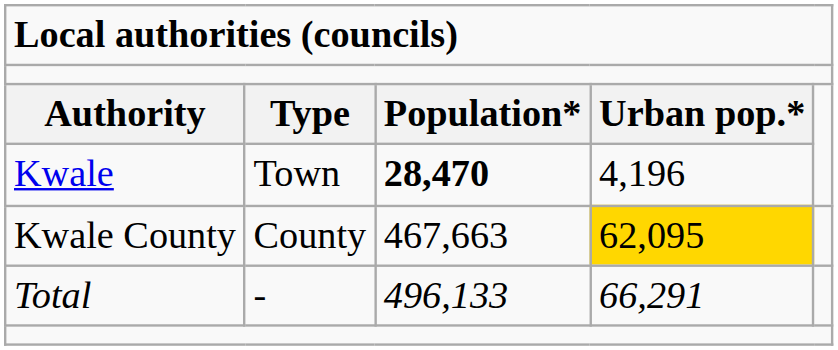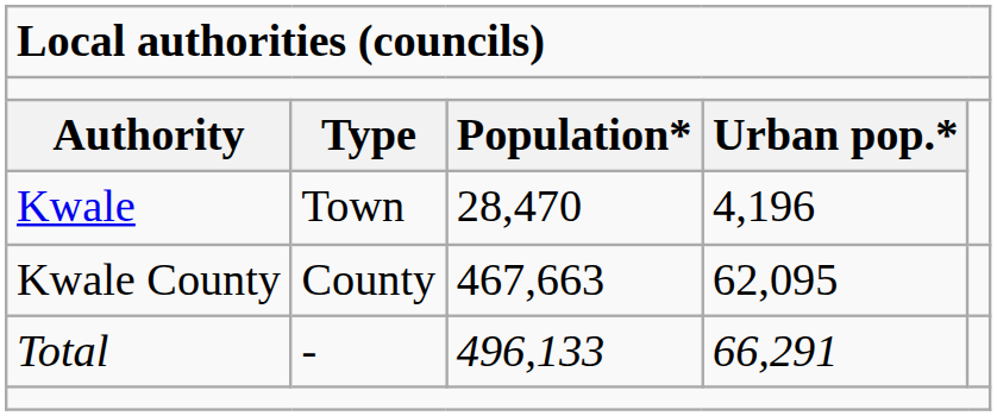 <table class="wikitable">
 <tr>
 <td colspan="5"><strong>Local authorities (councils)</strong></td>
 </tr>
 <tr>
 <td colspan="5"></td>
 </tr>
 <tr>
 <th>Authority</th>
 <th>Type</th>
 <th>Population*</th>
 <th>Urban pop.*</th>
 </tr>
 <tr>
 <td><a href='#'>Kwale</a></td>
 <td>Town</td>
-<td><strong>28,470</strong></td>
+<td>28,470</td>
 <td>4,196</td>
 </tr>
 <tr>
 <td>Kwale County</td>
 <td>County</td>
 <td>467,663</td>
-<td style="background: gold;">62,095</td>
+<td>62,095</td>
 <td></td>
 </tr>
 <tr>
 <td><em>Total</em></td>
 <td>-</td>
 <td><em>496,133</em></td>
 <td><em>66,291</em></td>
 </tr>
 <tr>
 <td colspan="5"></td>
 </tr>
 </table>
